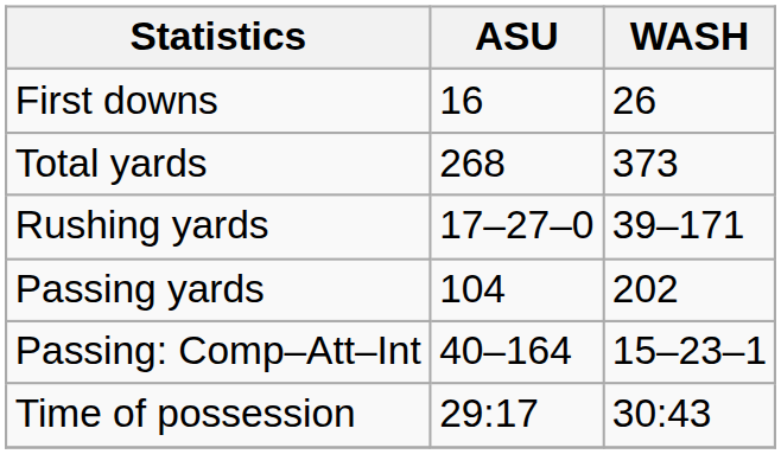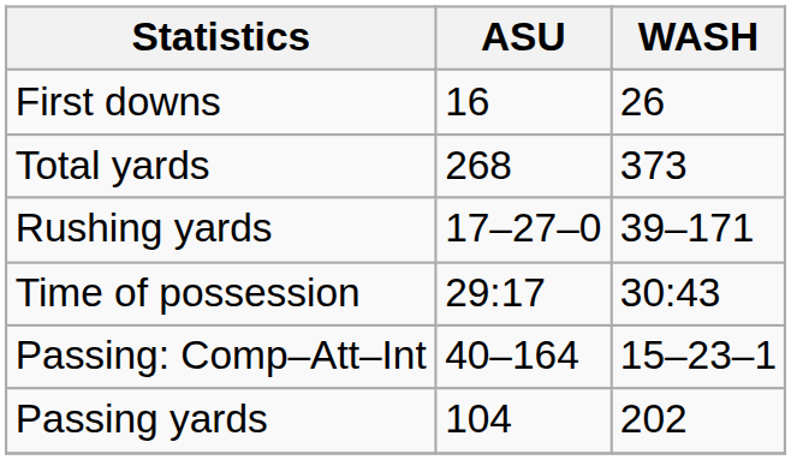 <table class="wikitable" style="float: left;">
 <tr>
 <th>Statistics</th>
 <th>ASU</th>
 <th>WASH</th>
 </tr>
 <tr>
 <td>First downs</td>
 <td>16</td>
 <td>26</td>
 </tr>
 <tr>
 <td>Total yards</td>
 <td>268</td>
 <td>373</td>
 </tr>
 <tr>
 <td>Rushing yards</td>
 <td>17–27–0</td>
 <td>39–171</td>
 </tr>
 <tr>
-<td>Passing yards</td>
-<td>104</td>
-<td>202</td>
+<td>Time of possession</td>
+<td>29:17</td>
+<td>30:43</td>
 </tr>
 <tr>
 <td>Passing: Comp–Att–Int</td>
 <td>40–164</td>
 <td>15–23–1</td>
 </tr>
 <tr>
-<td>Time of possession</td>
-<td>29:17</td>
-<td>30:43</td>
+<td>Passing yards</td>
+<td>104</td>
+<td>202</td>
 </tr>
 <tr>
 </tr>
 </table>
